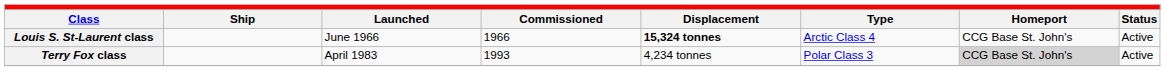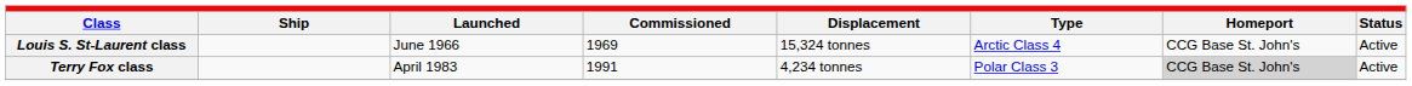 <table class="wikitable" style="margin:auto; width:100%;">
 <tr>
 <th style="align: center; background: #FF0000;" colspan="8"><strong></strong></th>
 </tr>
 <tr>
 </tr>
 <tr>
 <th style="text-align:center; width:14%;"><a href='#'>Class</a></th>
 <th style="text-align:center; width:14%;">Ship</th>
 <th style="text-align:center; width:14%;">Launched</th>
 <th style="text-align:center; width:14%;">Commissioned</th>
 <th style="text-align:center; width:14%;">Displacement</th>
 <th style="text-align:center; width:14%;">Type</th>
 <th style="text-align:center; width:14%;">Homeport</th>
 <th style="text-align:center; width:2%;">Status</th>
 </tr>
 <tr>
 <th rowspan="1"><em>Louis S. St-Laurent</em> class</th>
 <td></td>
 <td>June 1966</td>
-<td>1966</td>
-<td><strong>15,324 tonnes</strong></td>
+<td>1969</td>
+<td>15,324 tonnes</td>
 <td><a href='#'>Arctic Class 4</a></td>
 <td>CCG Base St. John's</td>
 <td>Active</td>
 </tr>
 <tr>
 <th rowspan="1"><em>Terry Fox</em> class</th>
 <td></td>
 <td>April 1983</td>
-<td>1993</td>
+<td>1991</td>
 <td>4,234 tonnes</td>
 <td><a href='#'>Polar Class 3</a></td>
 <td style="background: lightgrey;">CCG Base St. John's</td>
 <td>Active</td>
 </tr>
 <tr>
 </tr>
 </table>
